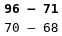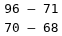 <table style="text-align:center;">
 <tr>
 <th width=200></th>
 <th width=100></th>
 <th width=200></th>
 <th></th>
 </tr>
 <tr>
 <td align=right><strong></strong></td>
-<td><strong>96 – 71</strong></td>
+<td>96 – 71</td>
 <td align=left></td>
 </tr>
 <tr>
 <td align=right><strong></strong></td>
 <td>70 – 68</td>
 <td align=left></td>
 </tr>
 </table>
